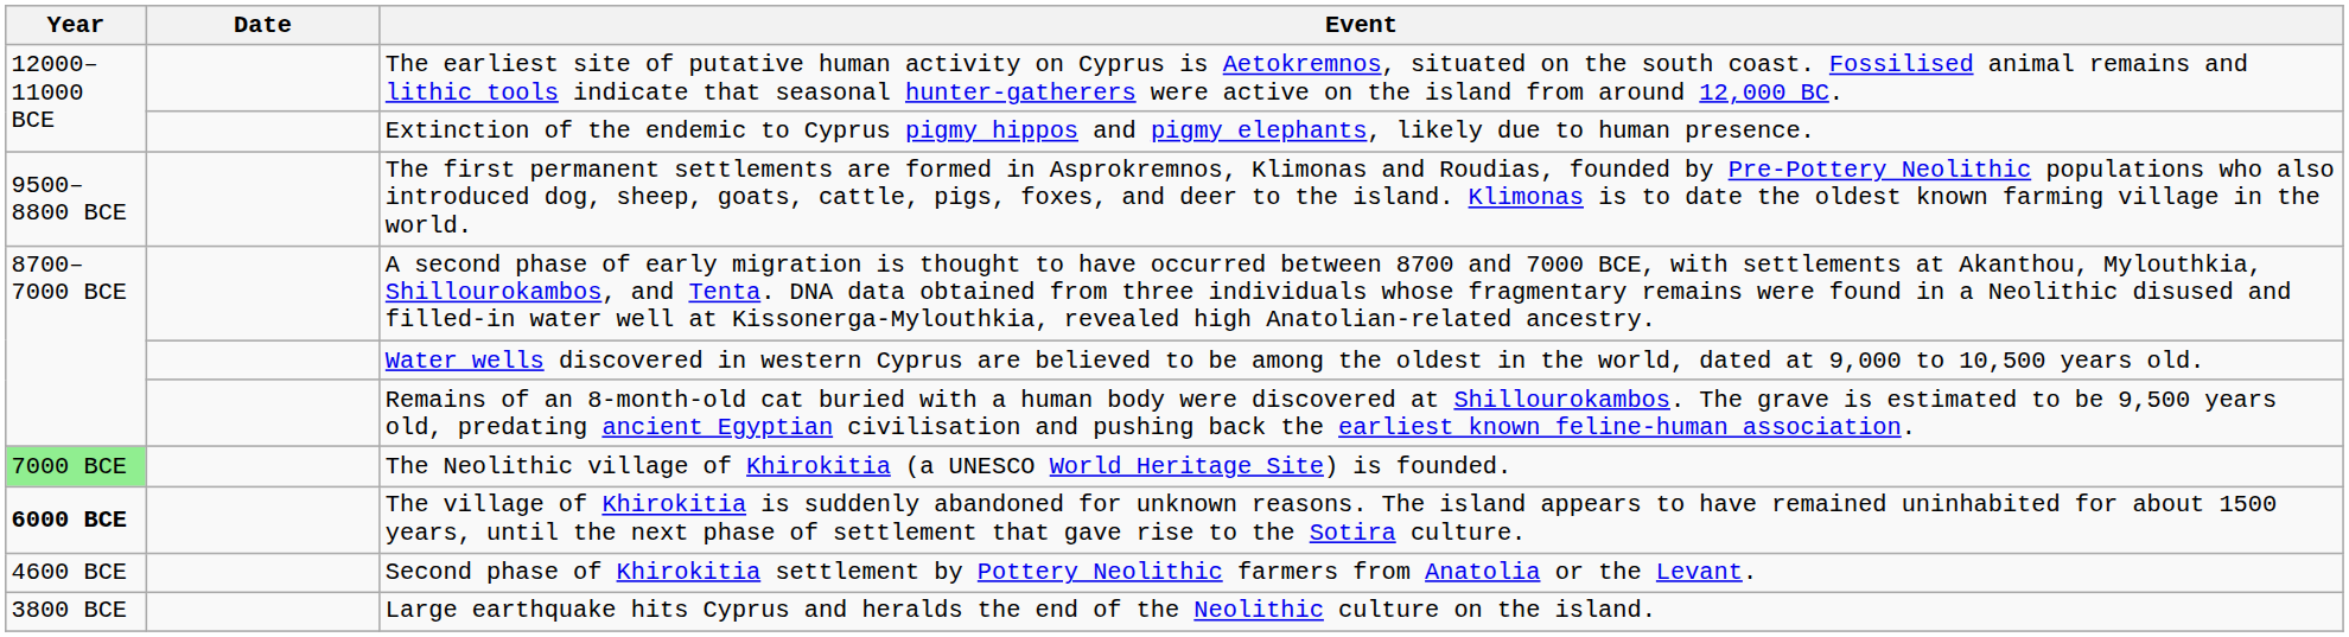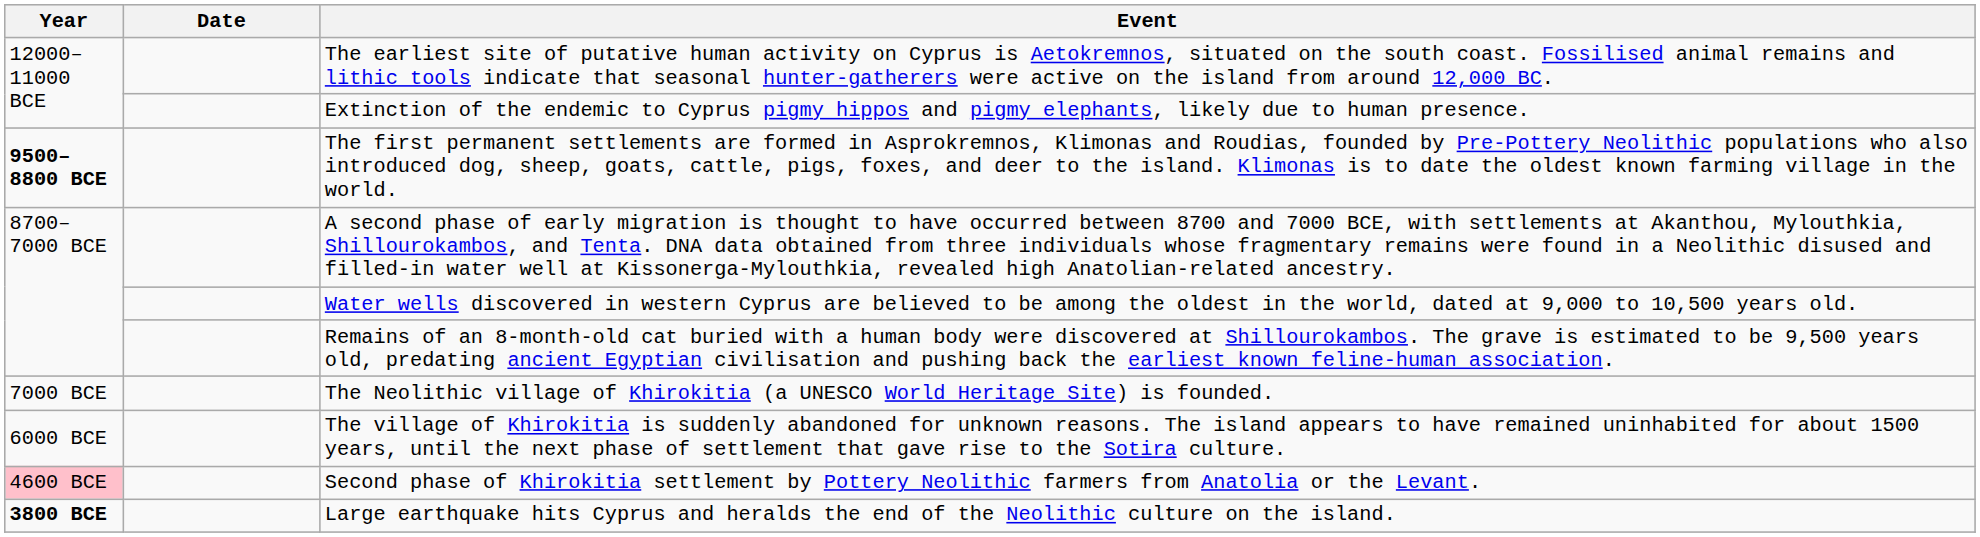 <table class="wikitable" width="100%">
 <tr>
 <th style="width:6%">Year</th>
 <th style="width:10%">Date</th>
 <th>Event</th>
 </tr>
 <tr>
 <td rowspan="2" style="vertical-align:top">12000–11000 BCE</td>
 <td></td>
 <td>The earliest site of putative human activity on Cyprus is <a href='#'>Aetokremnos</a>, situated on the south coast. <a href='#'>Fossilised</a> animal remains and <a href='#'>lithic tools</a> indicate that seasonal <a href='#'>hunter-gatherers</a> were active on the island from around <a href='#'>12,000 BC</a>.</td>
 </tr>
 <tr>
 <td></td>
 <td>Extinction of the endemic to Cyprus <a href='#'>pigmy hippos</a> and <a href='#'>pigmy elephants</a>, likely due to human presence.</td>
 </tr>
 <tr>
-<td>9500–8800 BCE</td>
+<td><strong>9500–8800 BCE</strong></td>
 <td></td>
 <td>The first permanent settlements are formed in Asprokremnos, Klimonas and Roudias, founded by <a href='#'>Pre-Pottery Neolithic</a> populations who also introduced dog, sheep, goats, cattle, pigs, foxes, and deer to the island. <a href='#'>Klimonas</a> is to date the oldest known farming village in the world.</td>
 </tr>
 <tr>
 <td rowspan="3" style="vertical-align:top">8700–7000 BCE</td>
 <td></td>
 <td>A second phase of early migration is thought to have occurred between 8700 and 7000 BCE, with settlements at Akanthou, Mylouthkia, <a href='#'>Shillourokambos</a>, and <a href='#'>Tenta</a>. DNA data obtained from three individuals whose fragmentary remains were found in a Neolithic disused and filled-in water well at Kissonerga-Mylouthkia, revealed high Anatolian-related ancestry.</td>
 </tr>
 <tr>
 <td></td>
 <td><a href='#'>Water wells</a> discovered in western Cyprus are believed to be among the oldest in the world, dated at 9,000 to 10,500 years old.</td>
 </tr>
 <tr>
 <td></td>
 <td>Remains of an 8-month-old cat buried with a human body were discovered at <a href='#'>Shillourokambos</a>. The grave is estimated to be 9,500 years old, predating <a href='#'>ancient Egyptian</a> civilisation and pushing back the <a href='#'>earliest known feline-human association</a>.</td>
 </tr>
 <tr>
-<td style="background: lightgreen;">7000 BCE</td>
+<td>7000 BCE</td>
 <td></td>
 <td>The Neolithic village of <a href='#'>Khirokitia</a> (a UNESCO <a href='#'>World Heritage Site</a>) is founded.</td>
 </tr>
 <tr>
-<td><strong>6000 BCE</strong></td>
+<td>6000 BCE</td>
 <td></td>
 <td>The village of <a href='#'>Khirokitia</a> is suddenly abandoned for unknown reasons. The island appears to have remained uninhabited for about 1500 years, until the next phase of settlement that gave rise to the <a href='#'>Sotira</a> culture.</td>
 </tr>
 <tr>
-<td>4600 BCE</td>
+<td style="background: pink;">4600 BCE</td>
 <td></td>
 <td>Second phase of <a href='#'>Khirokitia</a> settlement by <a href='#'>Pottery Neolithic</a> farmers from <a href='#'>Anatolia</a> or the <a href='#'>Levant</a>.</td>
 </tr>
 <tr>
-<td>3800 BCE</td>
+<td><strong>3800 BCE</strong></td>
 <td></td>
 <td>Large earthquake hits Cyprus and heralds the end of the <a href='#'>Neolithic</a> culture on the island.</td>
 </tr>
 </table>
